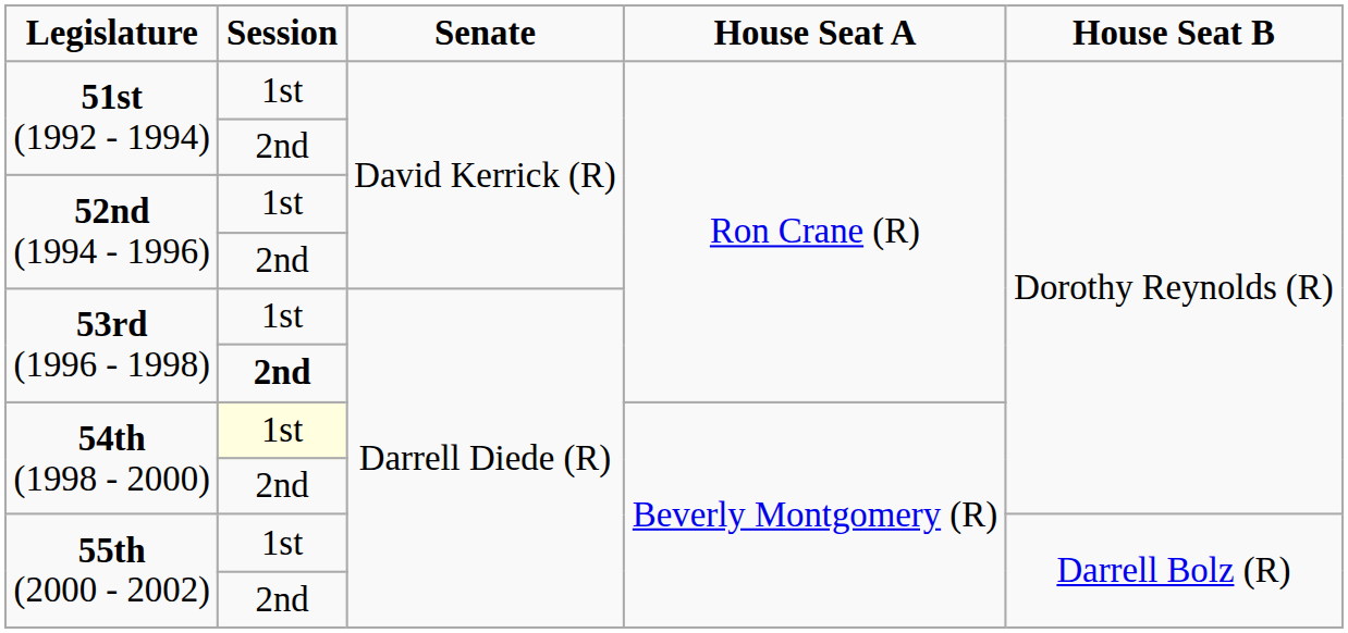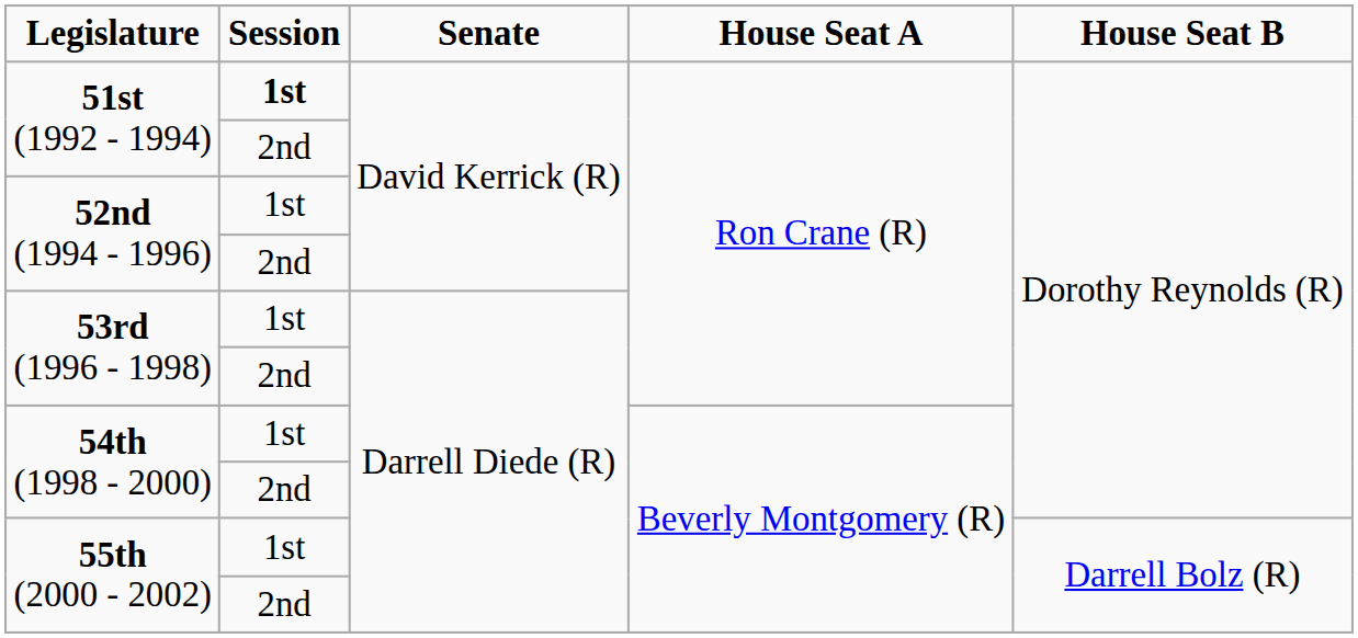 <table class=wikitable style="text-align:center">
 <tr>
 <td><strong>Legislature</strong></td>
 <td><strong>Session</strong></td>
 <td><strong>Senate</strong></td>
 <td><strong>House Seat A</strong></td>
 <td><strong>House Seat B</strong></td>
 </tr>
 <tr>
 <td rowspan="2" colspan="1" style="text-align: center;"><strong>51st</strong> <br> (1992 - 1994)</td>
-<td>1st</td>
+<td><strong>1st</strong></td>
 <td rowspan="4" colspan="1" style="text-align: center;" >David Kerrick (R)</td>
 <td rowspan="6" colspan="1" style="text-align: center;" ><a href='#'>Ron Crane</a> (R)</td>
 <td rowspan="8" colspan="1" style="text-align: center;" >Dorothy Reynolds (R)</td>
 </tr>
 <tr>
 <td>2nd</td>
 </tr>
 <tr>
 <td rowspan="2" colspan="1" style="text-align: center;"><strong>52nd</strong> <br> (1994 - 1996)</td>
 <td>1st</td>
 </tr>
 <tr>
 <td>2nd</td>
 </tr>
 <tr>
 <td rowspan="2" colspan="1" style="text-align: center;"><strong>53rd</strong> <br> (1996 - 1998)</td>
 <td>1st</td>
 <td rowspan="6" colspan="1" style="text-align: center;" >Darrell Diede (R)</td>
 </tr>
 <tr>
-<td><strong>2nd</strong></td>
+<td>2nd</td>
 </tr>
 <tr>
 <td rowspan="2" colspan="1" style="text-align: center;"><strong>54th</strong> <br> (1998 - 2000)</td>
-<td style="background: lightyellow;">1st</td>
+<td>1st</td>
 <td rowspan="4" colspan="1" style="text-align: center;" ><a href='#'>Beverly Montgomery</a> (R)</td>
 </tr>
 <tr>
 <td>2nd</td>
 </tr>
 <tr>
 <td rowspan="2" colspan="1" style="text-align: center;"><strong>55th</strong> <br> (2000 - 2002)</td>
 <td>1st</td>
 <td rowspan="2" colspan="1" style="text-align: center;" ><a href='#'>Darrell Bolz</a> (R)</td>
 </tr>
 <tr>
 <td>2nd</td>
 </tr>
 </table>
